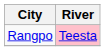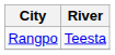 <table class="wikitable sortable">
 <tr>
 <th>City</th>
 <th>River</th>
 </tr>
 <tr>
 <td><a href='#'>Rangpo</a></td>
-<td style="background: pink;"><a href='#'>Teesta</a></td>
+<td><a href='#'>Teesta</a></td>
 </tr>
 <tr>
 </tr>
 </table>
